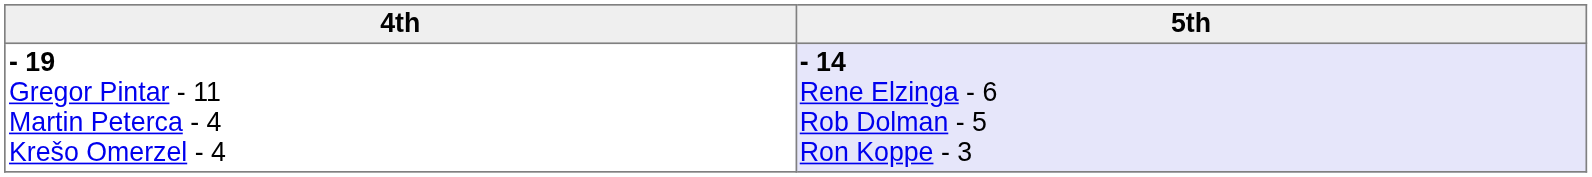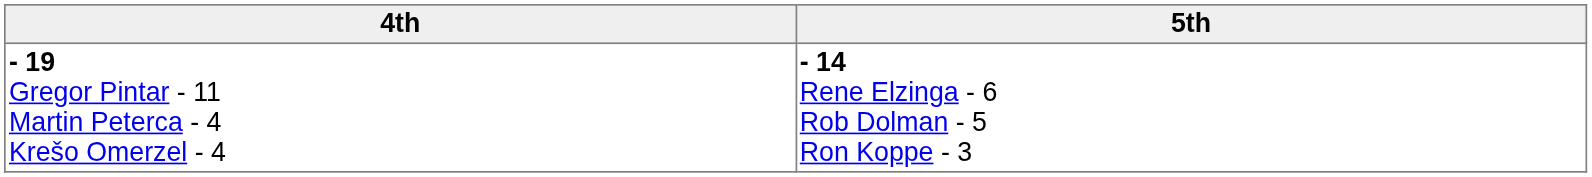 <table border="1" cellpadding="2" cellspacing="0" style="width:75%; border-collapse:collapse">
 <tr style="text-align:left; background:#efefef;">
 <th style="width:15%; text-align:center;">4th</th>
 <th style="width:15%; text-align:center;">5th</th>
 </tr>
 <tr align=left>
 <td valign=top align=left><strong> - 19</strong><br><a href='#'>Gregor Pintar</a> - 11<br><a href='#'>Martin Peterca</a> - 4<br><a href='#'>Krešo Omerzel</a> - 4</td>
-<td valign=top align=left style="background: lavender;"><strong> - 14</strong><br><a href='#'>Rene Elzinga</a> - 6<br><a href='#'>Rob Dolman</a> - 5<br><a href='#'>Ron Koppe</a> - 3</td>
+<td valign=top align=left><strong> - 14</strong><br><a href='#'>Rene Elzinga</a> - 6<br><a href='#'>Rob Dolman</a> - 5<br><a href='#'>Ron Koppe</a> - 3</td>
 </tr>
 </table>
